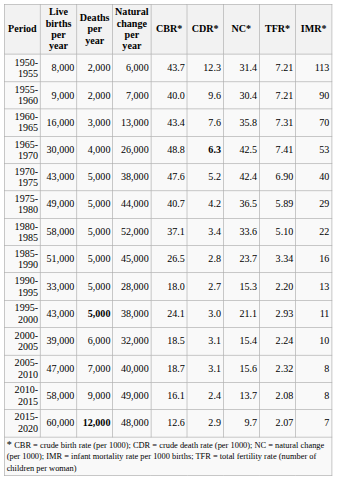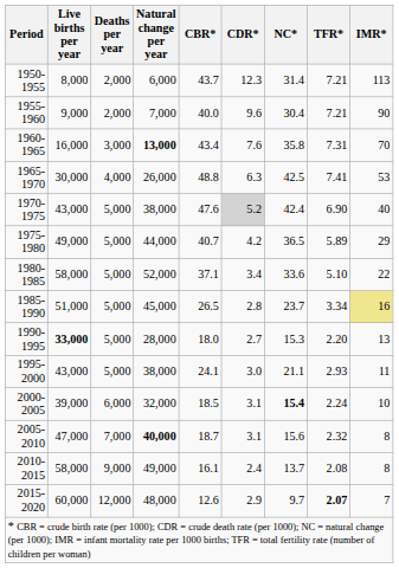 <table class="wikitable" style="text-align: right;">
 <tr>
 <th width="50">Period</th>
 <th width="50">Live births per year</th>
 <th width="50">Deaths per year</th>
 <th width="50">Natural change per year</th>
 <th width="50">CBR*</th>
 <th width="50">CDR*</th>
 <th width="50">NC*</th>
 <th width="50">TFR*</th>
 <th width="50">IMR*</th>
 </tr>
 <tr>
 <td>1950-1955</td>
 <td>8,000</td>
 <td>2,000</td>
 <td>6,000</td>
 <td>43.7</td>
 <td>12.3</td>
 <td>31.4</td>
 <td>7.21</td>
 <td>113</td>
 </tr>
 <tr>
 <td>1955-1960</td>
 <td>9,000</td>
 <td>2,000</td>
 <td>7,000</td>
 <td>40.0</td>
 <td>9.6</td>
 <td>30.4</td>
 <td>7.21</td>
 <td>90</td>
 </tr>
 <tr>
 <td>1960-1965</td>
 <td>16,000</td>
 <td>3,000</td>
-<td>13,000</td>
+<td><strong>13,000</strong></td>
 <td>43.4</td>
 <td>7.6</td>
 <td>35.8</td>
 <td>7.31</td>
 <td>70</td>
 </tr>
 <tr>
 <td>1965-1970</td>
 <td>30,000</td>
 <td>4,000</td>
 <td>26,000</td>
 <td>48.8</td>
-<td><strong>6.3</strong></td>
+<td>6.3</td>
 <td>42.5</td>
 <td>7.41</td>
 <td>53</td>
 </tr>
 <tr>
 <td>1970-1975</td>
 <td>43,000</td>
 <td>5,000</td>
 <td>38,000</td>
 <td>47.6</td>
-<td>5.2</td>
+<td style="background: lightgrey;">5.2</td>
 <td>42.4</td>
 <td>6.90</td>
 <td>40</td>
 </tr>
 <tr>
 <td>1975-1980</td>
 <td>49,000</td>
 <td>5,000</td>
 <td>44,000</td>
 <td>40.7</td>
 <td>4.2</td>
 <td>36.5</td>
 <td>5.89</td>
 <td>29</td>
 </tr>
 <tr>
 <td>1980-1985</td>
 <td>58,000</td>
 <td>5,000</td>
 <td>52,000</td>
 <td>37.1</td>
 <td>3.4</td>
 <td>33.6</td>
 <td>5.10</td>
 <td>22</td>
 </tr>
 <tr>
 <td>1985-1990</td>
 <td>51,000</td>
 <td>5,000</td>
 <td>45,000</td>
 <td>26.5</td>
 <td>2.8</td>
 <td>23.7</td>
 <td>3.34</td>
-<td>16</td>
+<td style="background: khaki;">16</td>
 </tr>
 <tr>
 <td>1990-1995</td>
-<td>33,000</td>
+<td><strong>33,000</strong></td>
 <td>5,000</td>
 <td>28,000</td>
 <td>18.0</td>
 <td>2.7</td>
 <td>15.3</td>
 <td>2.20</td>
 <td>13</td>
 </tr>
 <tr>
 <td>1995-2000</td>
 <td>43,000</td>
-<td><strong>5,000</strong></td>
+<td>5,000</td>
 <td>38,000</td>
 <td>24.1</td>
 <td>3.0</td>
 <td>21.1</td>
 <td>2.93</td>
 <td>11</td>
 </tr>
 <tr>
 <td>2000-2005</td>
 <td>39,000</td>
 <td>6,000</td>
 <td>32,000</td>
 <td>18.5</td>
 <td>3.1</td>
-<td>15.4</td>
+<td><strong>15.4</strong></td>
 <td>2.24</td>
 <td>10</td>
 </tr>
 <tr>
 <td>2005-2010</td>
 <td>47,000</td>
 <td>7,000</td>
-<td>40,000</td>
+<td><strong>40,000</strong></td>
 <td>18.7</td>
 <td>3.1</td>
 <td>15.6</td>
 <td>2.32</td>
 <td>8</td>
 </tr>
 <tr>
 <td>2010-2015</td>
 <td>58,000</td>
 <td>9,000</td>
 <td>49,000</td>
 <td>16.1</td>
 <td>2.4</td>
 <td>13.7</td>
 <td>2.08</td>
 <td>8</td>
 </tr>
 <tr>
 <td>2015-2020</td>
 <td>60,000</td>
-<td><strong>12,000</strong></td>
+<td>12,000</td>
 <td>48,000</td>
 <td>12.6</td>
 <td>2.9</td>
 <td>9.7</td>
-<td>2.07</td>
+<td><strong>2.07</strong></td>
 <td>7</td>
 </tr>
 <tr>
 <td align="left" colspan="9">* <small> CBR = crude birth rate (per 1000); CDR = crude death rate (per 1000); NC = natural change (per 1000); IMR = infant mortality rate per 1000 births; TFR = total fertility rate (number of children per woman)</small></td>
 </tr>
 </table>
